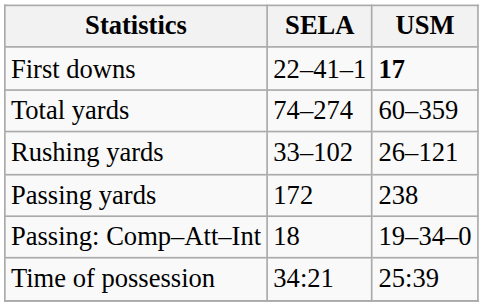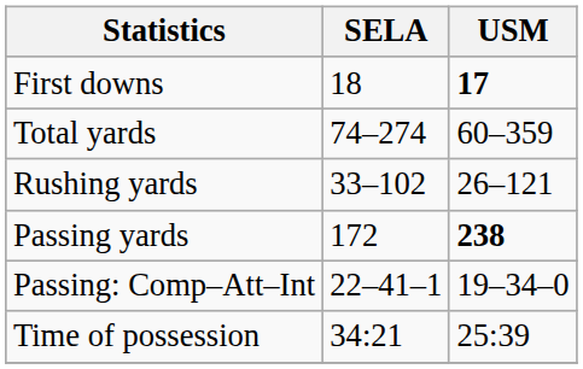 <table class="wikitable" style="float: left;">
 <tr>
 <th>Statistics</th>
 <th>SELA</th>
 <th>USM</th>
 </tr>
 <tr>
 <td>First downs</td>
-<td>22–41–1</td>
+<td>18</td>
 <td><strong>17</strong></td>
 </tr>
 <tr>
 <td>Total yards</td>
 <td>74–274</td>
 <td>60–359</td>
 </tr>
 <tr>
 <td>Rushing yards</td>
 <td>33–102</td>
 <td>26–121</td>
 </tr>
 <tr>
 <td>Passing yards</td>
 <td>172</td>
-<td>238</td>
+<td><strong>238</strong></td>
 </tr>
 <tr>
 <td>Passing: Comp–Att–Int</td>
-<td>18</td>
+<td>22–41–1</td>
 <td>19–34–0</td>
 </tr>
 <tr>
 <td>Time of possession</td>
 <td>34:21</td>
 <td>25:39</td>
 </tr>
 <tr>
 </tr>
 </table>
